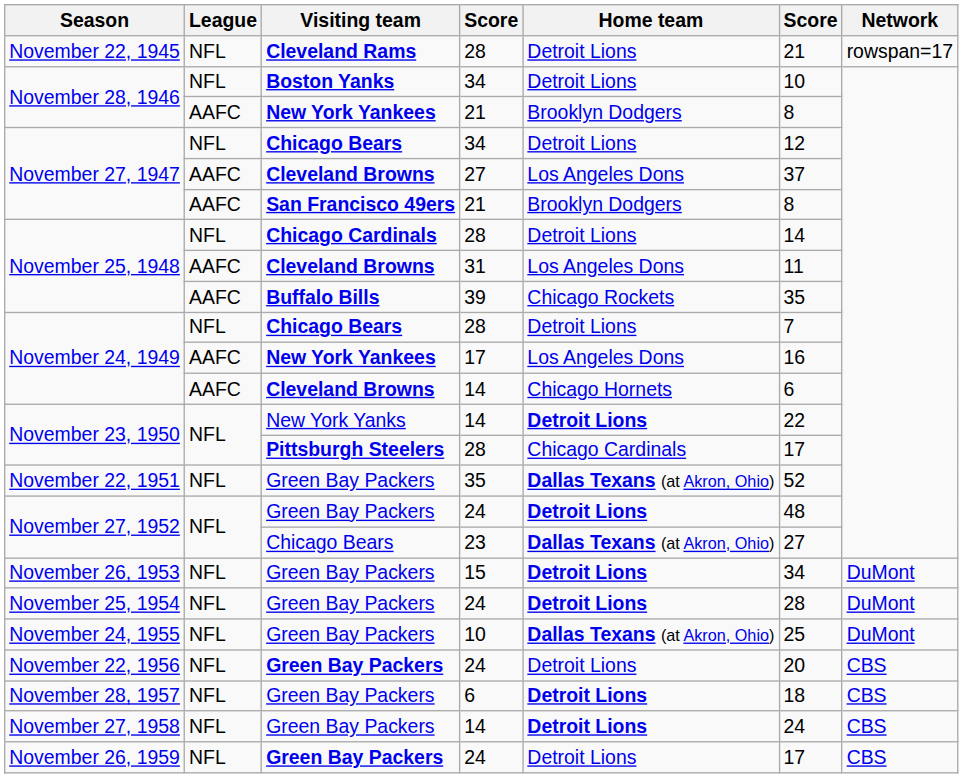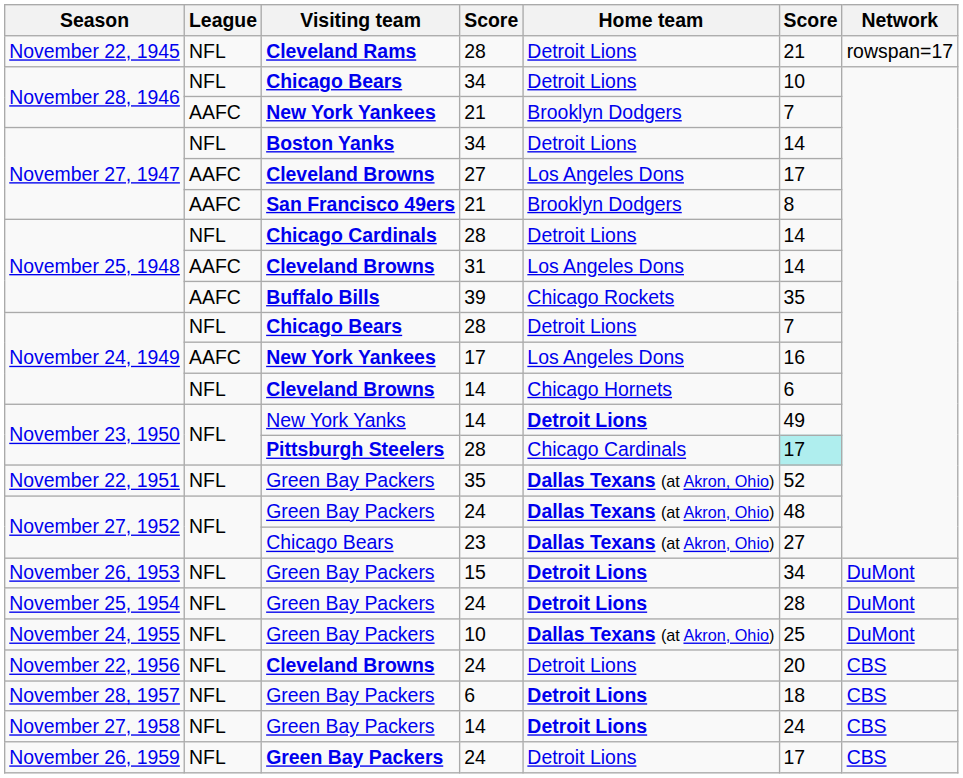 <table class="wikitable" style="font-size: 90%;">
 <tr style="background:#efefef;">
 <th>Season</th>
 <th>League</th>
 <th>Visiting team</th>
 <th>Score</th>
 <th>Home team</th>
 <th>Score</th>
 <th>Network</th>
 </tr>
 <tr>
 <td><a href='#'>November 22, 1945</a></td>
 <td>NFL</td>
 <td><strong><a href='#'>Cleveland Rams</a></strong></td>
 <td>28</td>
 <td><a href='#'>Detroit Lions</a></td>
 <td>21</td>
 <td>rowspan=17 </td>
 </tr>
 <tr>
 <td rowspan=2><a href='#'>November 28, 1946</a></td>
 <td>NFL</td>
-<td><strong><a href='#'>Boston Yanks</a></strong></td>
+<td><strong><a href='#'>Chicago Bears</a></strong></td>
 <td>34</td>
 <td><a href='#'>Detroit Lions</a></td>
 <td>10</td>
 </tr>
 <tr>
 <td>AAFC</td>
 <td><strong><a href='#'>New York Yankees</a></strong></td>
 <td>21</td>
 <td><a href='#'>Brooklyn Dodgers</a></td>
-<td>8</td>
+<td>7</td>
 </tr>
 <tr>
 <td rowspan=3><a href='#'>November 27, 1947</a></td>
 <td>NFL</td>
-<td><strong><a href='#'>Chicago Bears</a></strong></td>
+<td><strong><a href='#'>Boston Yanks</a></strong></td>
 <td>34</td>
 <td><a href='#'>Detroit Lions</a></td>
-<td>12</td>
+<td>14</td>
 </tr>
 <tr>
 <td>AAFC</td>
 <td><strong><a href='#'>Cleveland Browns</a></strong></td>
 <td>27</td>
 <td><a href='#'>Los Angeles Dons</a></td>
-<td>37</td>
+<td>17</td>
 </tr>
 <tr>
 <td>AAFC</td>
 <td><strong><a href='#'>San Francisco 49ers</a></strong></td>
 <td>21</td>
 <td><a href='#'>Brooklyn Dodgers</a></td>
 <td>8</td>
 </tr>
 <tr>
 <td rowspan=3><a href='#'>November 25, 1948</a></td>
 <td>NFL</td>
 <td><strong><a href='#'>Chicago Cardinals</a></strong></td>
 <td>28</td>
 <td><a href='#'>Detroit Lions</a></td>
 <td>14</td>
 </tr>
 <tr>
 <td>AAFC</td>
 <td><strong><a href='#'>Cleveland Browns</a></strong></td>
 <td>31</td>
 <td><a href='#'>Los Angeles Dons</a></td>
-<td>11</td>
+<td>14</td>
 </tr>
 <tr>
 <td>AAFC</td>
 <td><strong><a href='#'>Buffalo Bills</a></strong></td>
 <td>39</td>
 <td><a href='#'>Chicago Rockets</a></td>
 <td>35</td>
 </tr>
 <tr>
 <td rowspan=3><a href='#'>November 24, 1949</a></td>
 <td>NFL</td>
 <td><strong><a href='#'>Chicago Bears</a></strong></td>
 <td>28</td>
 <td><a href='#'>Detroit Lions</a></td>
 <td>7</td>
 </tr>
 <tr>
 <td>AAFC</td>
 <td><strong><a href='#'>New York Yankees</a></strong></td>
 <td>17</td>
 <td><a href='#'>Los Angeles Dons</a></td>
 <td>16</td>
 </tr>
 <tr>
-<td>AAFC</td>
+<td>NFL</td>
 <td><strong><a href='#'>Cleveland Browns</a></strong></td>
 <td>14</td>
 <td><a href='#'>Chicago Hornets</a></td>
 <td>6</td>
 </tr>
 <tr>
 <td rowspan=2><a href='#'>November 23, 1950</a></td>
 <td rowspan=2>NFL</td>
 <td><a href='#'>New York Yanks</a></td>
 <td>14</td>
 <td><strong><a href='#'>Detroit Lions</a></strong></td>
-<td>22</td>
+<td>49</td>
 </tr>
 <tr>
 <td><strong><a href='#'>Pittsburgh Steelers</a></strong></td>
 <td>28</td>
 <td><a href='#'>Chicago Cardinals</a></td>
-<td>17</td>
+<td style="background: paleturquoise;">17</td>
 </tr>
 <tr>
 <td><a href='#'>November 22, 1951</a></td>
 <td>NFL</td>
 <td><a href='#'>Green Bay Packers</a></td>
 <td>35</td>
 <td><strong><a href='#'>Dallas Texans</a></strong> <small>(at <a href='#'>Akron, Ohio</a>)</small></td>
 <td>52</td>
 </tr>
 <tr>
 <td rowspan=2><a href='#'>November 27, 1952</a></td>
 <td rowspan=2>NFL</td>
 <td><a href='#'>Green Bay Packers</a></td>
 <td>24</td>
-<td><strong><a href='#'>Detroit Lions</a></strong></td>
+<td><strong><a href='#'>Dallas Texans</a></strong> <small>(at <a href='#'>Akron, Ohio</a>)</small></td>
 <td>48</td>
 </tr>
 <tr>
 <td><a href='#'>Chicago Bears</a></td>
 <td>23</td>
 <td><strong><a href='#'>Dallas Texans</a></strong> <small>(at <a href='#'>Akron, Ohio</a>)</small></td>
 <td>27</td>
 </tr>
 <tr>
 <td><a href='#'>November 26, 1953</a></td>
 <td>NFL</td>
 <td><a href='#'>Green Bay Packers</a></td>
 <td>15</td>
 <td><strong><a href='#'>Detroit Lions</a></strong></td>
 <td>34</td>
 <td><a href='#'>DuMont</a></td>
 </tr>
 <tr>
 <td><a href='#'>November 25, 1954</a></td>
 <td>NFL</td>
 <td><a href='#'>Green Bay Packers</a></td>
 <td>24</td>
 <td><strong><a href='#'>Detroit Lions</a></strong></td>
 <td>28</td>
 <td><a href='#'>DuMont</a></td>
 </tr>
 <tr>
 <td><a href='#'>November 24, 1955</a></td>
 <td>NFL</td>
 <td><a href='#'>Green Bay Packers</a></td>
 <td>10</td>
 <td><strong><a href='#'>Dallas Texans</a></strong> <small>(at <a href='#'>Akron, Ohio</a>)</small></td>
 <td>25</td>
 <td><a href='#'>DuMont</a></td>
 </tr>
 <tr>
 <td><a href='#'>November 22, 1956</a></td>
 <td>NFL</td>
-<td><strong><a href='#'>Green Bay Packers</a></strong></td>
+<td><strong><a href='#'>Cleveland Browns</a></strong></td>
 <td>24</td>
 <td><a href='#'>Detroit Lions</a></td>
 <td>20</td>
 <td><a href='#'>CBS</a></td>
 </tr>
 <tr>
 <td><a href='#'>November 28, 1957</a></td>
 <td>NFL</td>
 <td><a href='#'>Green Bay Packers</a></td>
 <td>6</td>
 <td><strong><a href='#'>Detroit Lions</a></strong></td>
 <td>18</td>
 <td><a href='#'>CBS</a></td>
 </tr>
 <tr>
 <td><a href='#'>November 27, 1958</a></td>
 <td>NFL</td>
 <td><a href='#'>Green Bay Packers</a></td>
 <td>14</td>
 <td><strong><a href='#'>Detroit Lions</a></strong></td>
 <td>24</td>
 <td><a href='#'>CBS</a></td>
 </tr>
 <tr>
 <td><a href='#'>November 26, 1959</a></td>
 <td>NFL</td>
 <td><strong><a href='#'>Green Bay Packers</a></strong></td>
 <td>24</td>
 <td><a href='#'>Detroit Lions</a></td>
 <td>17</td>
 <td><a href='#'>CBS</a></td>
 </tr>
 </table>
